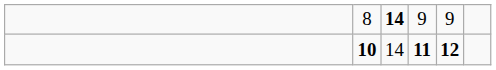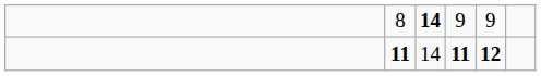 <table class="wikitable">
 <tr>
 <td style="width:18em"></td>
 <td align=center style="width:1em">8</td>
 <td align=center style="width:1em"><strong>14</strong></td>
 <td align=center style="width:1em">9</td>
 <td align=center style="width:1em">9</td>
 <td align=center style="width:1em"></td>
 </tr>
 <tr>
 <td style="width:18em"><strong> </strong></td>
-<td align=center style="width:1em"><strong>10</strong></td>
+<td align=center style="width:1em"><strong>11</strong></td>
 <td align=center style="width:1em">14</td>
 <td align=center style="width:1em"><strong>11</strong></td>
 <td align=center style="width:1em"><strong>12</strong></td>
 <td align=center style="width:1em"></td>
 </tr>
 </table>
